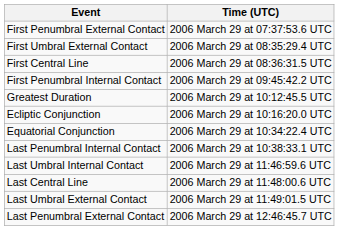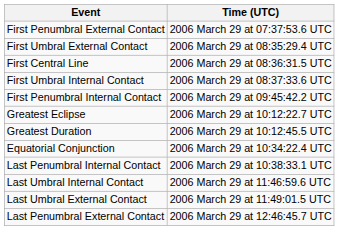 <table class="wikitable">
 <tr>
 <th>Event</th>
 <th>Time (UTC)</th>
 </tr>
 <tr>
 <td>First Penumbral External Contact</td>
 <td>2006 March 29 at 07:37:53.6 UTC</td>
 </tr>
 <tr>
 <td>First Umbral External Contact</td>
 <td>2006 March 29 at 08:35:29.4 UTC</td>
 </tr>
 <tr>
 <td>First Central Line</td>
 <td>2006 March 29 at 08:36:31.5 UTC</td>
 </tr>
 <tr>
+<td>First Umbral Internal Contact</td>
+<td>2006 March 29 at 08:37:33.6 UTC</td>
+</tr>
+<tr>
 <td>First Penumbral Internal Contact</td>
 <td>2006 March 29 at 09:45:42.2 UTC</td>
 </tr>
 <tr>
+<td>Greatest Eclipse</td>
+<td>2006 March 29 at 10:12:22.7 UTC</td>
+</tr>
+<tr>
 <td>Greatest Duration</td>
 <td>2006 March 29 at 10:12:45.5 UTC</td>
-</tr>
-<tr>
-<td>Ecliptic Conjunction</td>
-<td>2006 March 29 at 10:16:20.0 UTC</td>
 </tr>
 <tr>
 <td>Equatorial Conjunction</td>
 <td>2006 March 29 at 10:34:22.4 UTC</td>
 </tr>
 <tr>
 <td>Last Penumbral Internal Contact</td>
 <td>2006 March 29 at 10:38:33.1 UTC</td>
 </tr>
 <tr>
 <td>Last Umbral Internal Contact</td>
 <td>2006 March 29 at 11:46:59.6 UTC</td>
 </tr>
 <tr>
-<td>Last Central Line</td>
-<td>2006 March 29 at 11:48:00.6 UTC</td>
-</tr>
-<tr>
 <td>Last Umbral External Contact</td>
 <td>2006 March 29 at 11:49:01.5 UTC</td>
 </tr>
 <tr>
 <td>Last Penumbral External Contact</td>
 <td>2006 March 29 at 12:46:45.7 UTC</td>
 </tr>
 </table>
